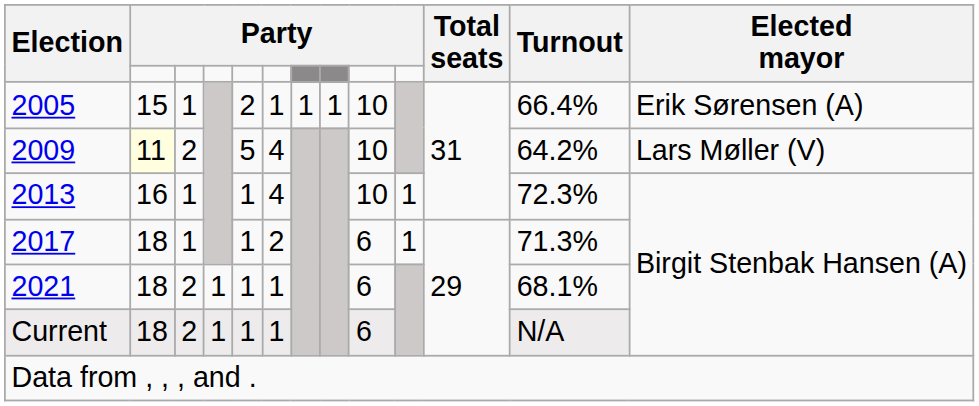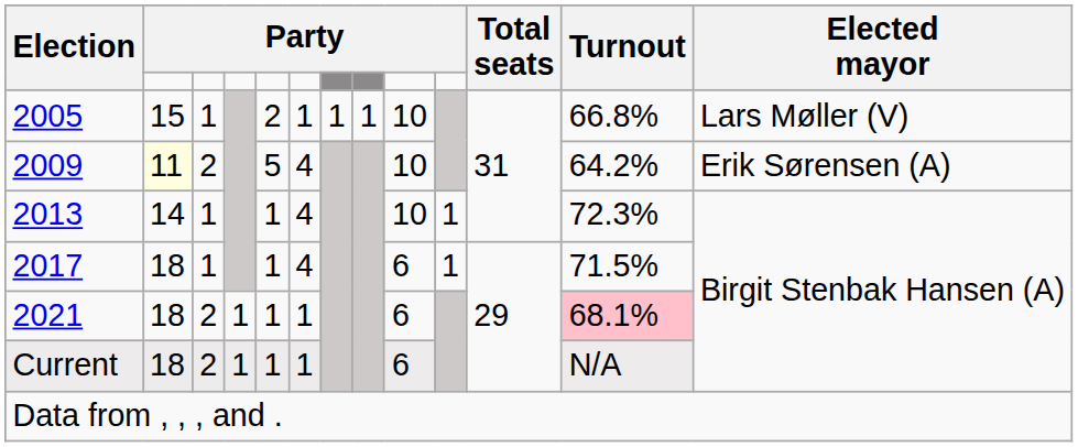 <table class="wikitable">
 <tr>
 <th rowspan="2">Election</th>
 <th colspan="9">Party</th>
 <th rowspan="2">Total<br>seats</th>
 <th rowspan="2">Turnout</th>
 <th rowspan="2">Elected<br>mayor</th>
 </tr>
 <tr>
 <td style="background:"><strong><a href='#'></a></strong></td>
 <td style="background:"><strong><a href='#'></a></strong></td>
 <td style="background:"><strong><a href='#'></a></strong></td>
 <td style="background:"><strong><a href='#'></a></strong></td>
 <td style="background:"><strong><a href='#'></a></strong></td>
 <td style="background:#8B8989;"><strong></strong></td>
 <td style="background:#8B8989;"><strong></strong></td>
 <td style="background:"><strong><a href='#'></a></strong></td>
 <td style="background:"><strong><a href='#'></a></strong></td>
 </tr>
 <tr>
 <td><a href='#'>2005</a></td>
 <td>15</td>
 <td>1</td>
 <td style="background:#CDC9C9;" rowspan="4"></td>
 <td>2</td>
 <td>1</td>
 <td>1</td>
 <td>1</td>
 <td>10</td>
 <td style="background:#CDC9C9;" rowspan="2"></td>
 <td rowspan="3">31</td>
-<td>66.4%</td>
-<td>Erik Sørensen (A)</td>
+<td>66.8%</td>
+<td>Lars Møller (V)</td>
 </tr>
 <tr>
 <td><a href='#'>2009</a></td>
 <td style="background: lightyellow;">11</td>
 <td>2</td>
 <td>5</td>
 <td>4</td>
 <td style="background:#CDC9C9;" rowspan="5"></td>
 <td style="background:#CDC9C9;" rowspan="5"></td>
 <td>10</td>
 <td>64.2%</td>
-<td>Lars Møller (V)</td>
+<td>Erik Sørensen (A)</td>
 </tr>
 <tr>
 <td><a href='#'>2013</a></td>
-<td>16</td>
+<td>14</td>
 <td>1</td>
 <td>1</td>
 <td>4</td>
 <td>10</td>
 <td>1</td>
 <td>72.3%</td>
 <td rowspan="4">Birgit Stenbak Hansen (A)</td>
 </tr>
 <tr>
 <td><a href='#'>2017</a></td>
 <td>18</td>
 <td>1</td>
 <td>1</td>
-<td>2</td>
+<td>4</td>
 <td>6</td>
 <td>1</td>
 <td rowspan="3">29</td>
-<td>71.3%</td>
+<td>71.5%</td>
 </tr>
 <tr>
 <td><a href='#'>2021</a></td>
 <td>18</td>
 <td>2</td>
 <td>1</td>
 <td>1</td>
 <td>1</td>
 <td>6</td>
 <td style="background:#CDC9C9;" rowspan="2"></td>
-<td>68.1%</td>
+<td style="background: pink;">68.1%</td>
 </tr>
 <tr style="background:#edebeb;">
 <td>Current</td>
 <td>18</td>
 <td>2</td>
 <td>1</td>
 <td>1</td>
 <td>1</td>
 <td>6</td>
 <td>N/A</td>
 </tr>
 <tr>
 <td colspan="14">Data from , , ,  and .</td>
 </tr>
 </table>
